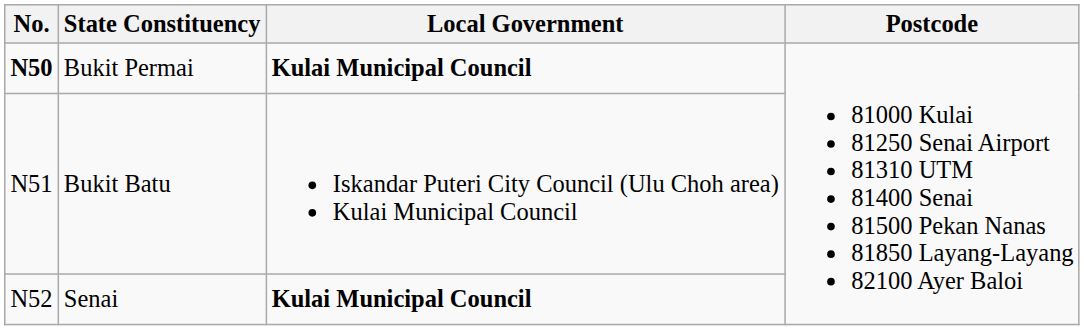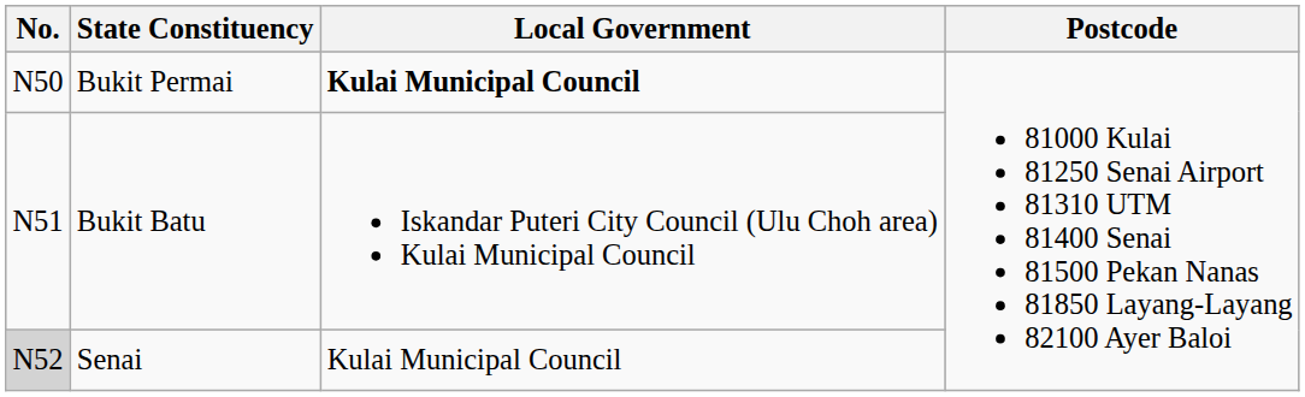 <table class="wikitable">
 <tr>
 <th>No.</th>
 <th>State Constituency</th>
 <th>Local Government</th>
 <th>Postcode</th>
 </tr>
 <tr>
-<td><strong>N50</strong></td>
+<td>N50</td>
 <td>Bukit Permai</td>
 <td><strong>Kulai Municipal Council</strong></td>
 <td rowspan="3"><br><ul><li>81000 Kulai</li><li>81250 Senai Airport</li><li>81310 UTM</li><li>81400 Senai</li><li>81500 Pekan Nanas</li><li>81850 Layang-Layang</li><li>82100 Ayer Baloi</li></ul></td>
 </tr>
 <tr>
 <td>N51</td>
 <td>Bukit Batu</td>
 <td><br><ul><li>Iskandar Puteri City Council (Ulu Choh area)</li><li>Kulai Municipal Council</li></ul></td>
 </tr>
 <tr>
-<td>N52</td>
+<td style="background: lightgrey;">N52</td>
 <td>Senai</td>
-<td><strong>Kulai Municipal Council</strong></td>
+<td>Kulai Municipal Council</td>
 </tr>
 </table>
